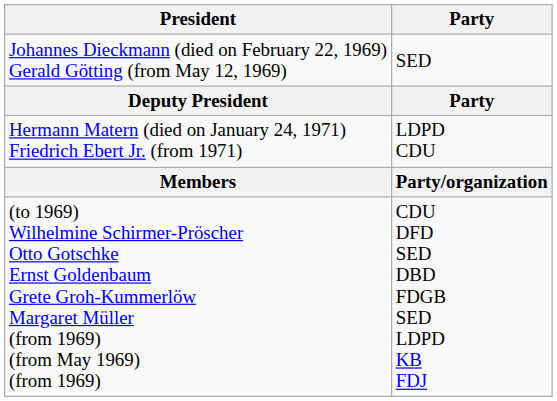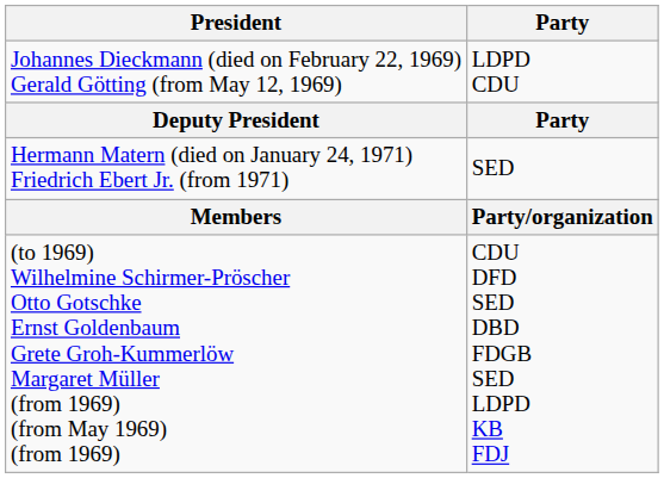 <table class="wikitable">
 <tr>
 <th>President</th>
 <th>Party</th>
 </tr>
 <tr>
 <td><a href='#'>Johannes Dieckmann</a> (died on February 22, 1969)<br><a href='#'>Gerald Götting</a> (from May 12, 1969)</td>
-<td>SED<br></td>
+<td>LDPD<br>CDU</td>
 </tr>
 <tr>
 <th>Deputy President</th>
 <th>Party</th>
 </tr>
 <tr>
 <td><a href='#'>Hermann Matern</a> (died on January 24, 1971)<br><a href='#'>Friedrich Ebert Jr.</a> (from 1971)</td>
-<td>LDPD<br>CDU</td>
+<td>SED<br></td>
 </tr>
 <tr>
 <th>Members</th>
 <th>Party/organization</th>
 </tr>
 <tr>
 <td> (to 1969)<br><a href='#'>Wilhelmine Schirmer-Pröscher</a><br><a href='#'>Otto Gotschke</a><br><a href='#'>Ernst Goldenbaum</a><br><a href='#'>Grete Groh-Kummerlöw</a><br><a href='#'>Margaret Müller</a><br> (from 1969)<br> (from May 1969)<br> (from 1969)</td>
 <td>CDU<br>DFD<br>SED<br>DBD<br>FDGB<br>SED<br>LDPD<br><a href='#'>KB</a><br><a href='#'>FDJ</a></td>
 </tr>
 </table>
